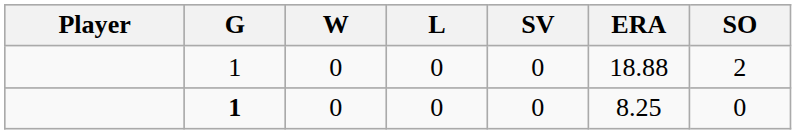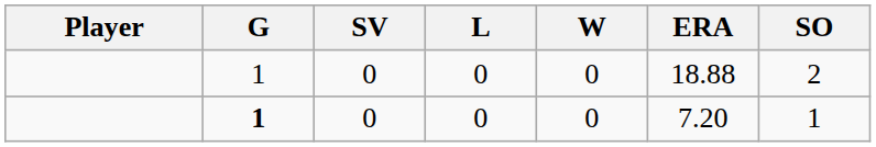 <table class="wikitable sortable">
 <tr>
 <th bgcolor="#DDDDFF" width="16%">Player</th>
 <th bgcolor="#DDDDFF" width="9%">G</th>
+<th bgcolor="#DDDDFF" width="9%">SV</th>
+<th bgcolor="#DDDDFF" width="9%">L</th>
 <th bgcolor="#DDDDFF" width="9%">W</th>
-<th bgcolor="#DDDDFF" width="9%">L</th>
-<th bgcolor="#DDDDFF" width="9%">SV</th>
 <th bgcolor="#DDDDFF" width="9%">ERA</th>
 <th bgcolor="#DDDDFF" width="9%">SO</th>
 </tr>
 <tr align="center">
 <td></td>
 <td>1</td>
 <td>0</td>
 <td>0</td>
 <td>0</td>
 <td>18.88</td>
 <td>2</td>
 </tr>
 <tr align="center">
 <td></td>
 <td><strong>1</strong></td>
 <td>0</td>
 <td>0</td>
 <td>0</td>
-<td>8.25</td>
-<td>0</td>
+<td>7.20</td>
+<td>1</td>
 </tr>
 </table>
